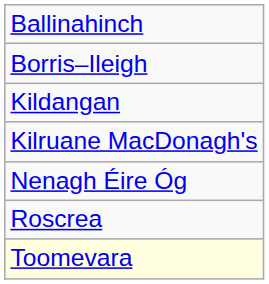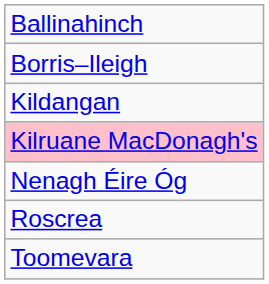 <table class="wikitable">
 <tr>
 <td><a href='#'>Ballinahinch</a></td>
 </tr>
 <tr>
 <td><a href='#'>Borris–Ileigh</a></td>
 </tr>
 <tr>
 <td><a href='#'>Kildangan</a></td>
 </tr>
 <tr>
-<td><a href='#'>Kilruane MacDonagh's</a></td>
+<td style="background: pink;"><a href='#'>Kilruane MacDonagh's</a></td>
 </tr>
 <tr>
 <td><a href='#'>Nenagh Éire Óg</a></td>
 </tr>
 <tr>
 <td><a href='#'>Roscrea</a></td>
 </tr>
 <tr>
-<td style="background: lightyellow;"><a href='#'>Toomevara</a></td>
+<td><a href='#'>Toomevara</a></td>
 </tr>
 </table>
